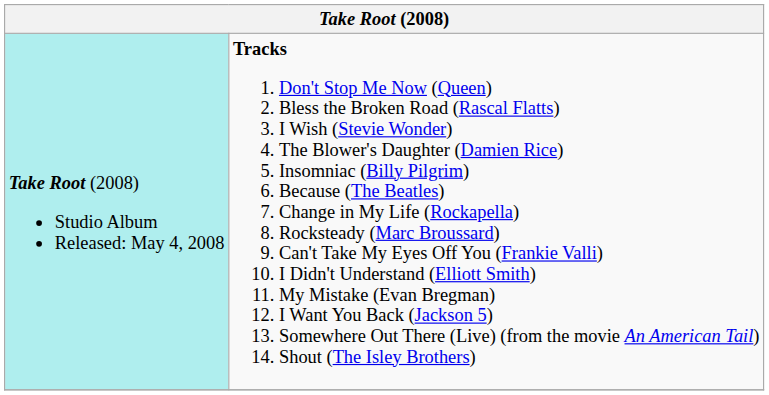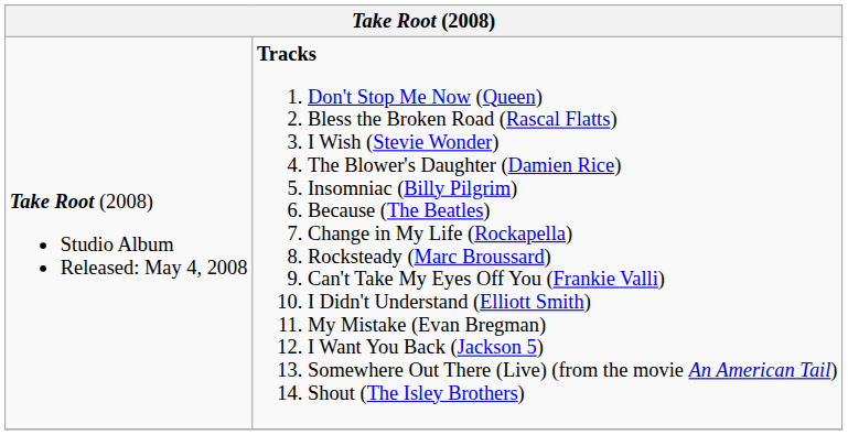 <table class="wikitable" width=>
 <tr>
 <th align="left" colspan=3><em>Take Root</em> (2008)</th>
 </tr>
 <tr>
-<td align="left" style="background: paleturquoise;"><br><strong><em>Take Root</em></strong> (2008)<ul><li>Studio Album</li><li>Released: May 4, 2008</li></ul></td>
+<td align="left"><br><strong><em>Take Root</em></strong> (2008)<ul><li>Studio Album</li><li>Released: May 4, 2008</li></ul></td>
 <td><strong>Tracks</strong><br><ol><li><a href='#'>Don't Stop Me Now</a> (<a href='#'>Queen</a>)</li><li>Bless the Broken Road (<a href='#'>Rascal Flatts</a>)</li><li>I Wish (<a href='#'>Stevie Wonder</a>)</li><li>The Blower's Daughter (<a href='#'>Damien Rice</a>)</li><li>Insomniac (<a href='#'>Billy Pilgrim</a>)</li><li>Because (<a href='#'>The Beatles</a>)</li><li>Change in My Life (<a href='#'>Rockapella</a>)</li><li>Rocksteady (<a href='#'>Marc Broussard</a>)</li><li>Can't Take My Eyes Off You (<a href='#'>Frankie Valli</a>)</li><li>I Didn't Understand (<a href='#'>Elliott Smith</a>)</li><li>My Mistake (Evan Bregman)</li><li>I Want You Back (<a href='#'>Jackson 5</a>)</li><li>Somewhere Out There (Live) (from the movie <em><a href='#'>An American Tail</a></em>)</li><li>Shout (<a href='#'>The Isley Brothers</a>)</li></ol></td>
 </tr>
 <tr>
 </tr>
 </table>
